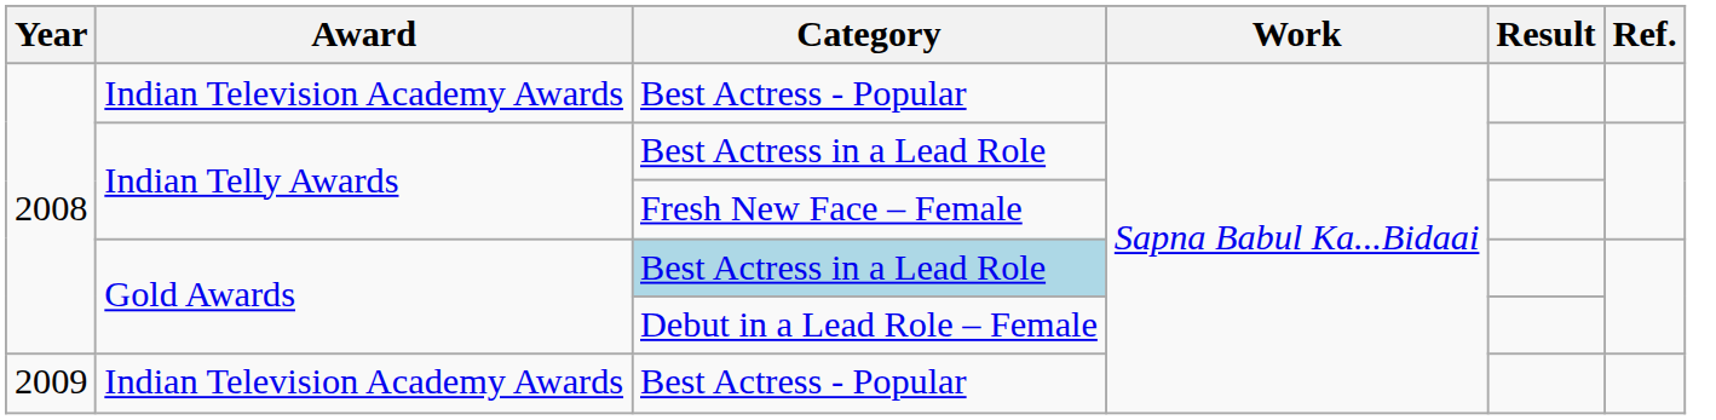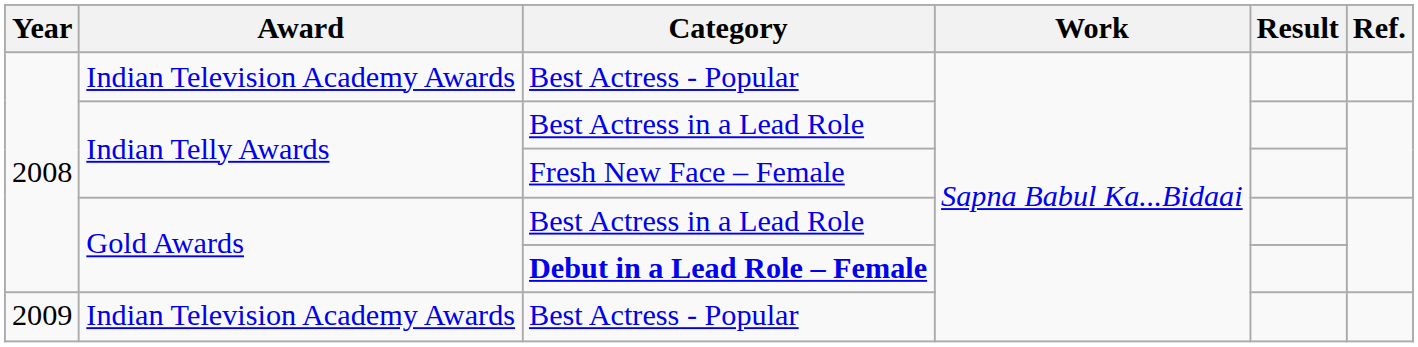 <table class="wikitable">
 <tr>
 <th>Year</th>
 <th>Award</th>
 <th>Category</th>
 <th>Work</th>
 <th>Result</th>
 <th>Ref.</th>
 </tr>
 <tr>
 <td rowspan="5">2008</td>
 <td><a href='#'>Indian Television Academy Awards</a></td>
 <td><a href='#'>Best Actress - Popular</a></td>
 <td rowspan="6"><em><a href='#'>Sapna Babul Ka...Bidaai</a></em></td>
 <td></td>
 <td></td>
 </tr>
 <tr>
 <td rowspan="2"><a href='#'>Indian Telly Awards</a></td>
 <td><a href='#'>Best Actress in a Lead Role</a></td>
 <td></td>
 <td rowspan="2"></td>
 </tr>
 <tr>
 <td><a href='#'>Fresh New Face – Female</a></td>
 <td></td>
 </tr>
 <tr>
 <td rowspan="2"><a href='#'>Gold Awards</a></td>
-<td style="background: lightblue;"><a href='#'>Best Actress in a Lead Role</a></td>
+<td><a href='#'>Best Actress in a Lead Role</a></td>
 <td></td>
 <td rowspan="2"></td>
 </tr>
 <tr>
-<td><a href='#'>Debut in a Lead Role – Female</a></td>
+<td><strong><a href='#'>Debut in a Lead Role – Female</a></strong></td>
 <td></td>
 </tr>
 <tr>
 <td>2009</td>
 <td><a href='#'>Indian Television Academy Awards</a></td>
 <td><a href='#'>Best Actress - Popular</a></td>
 <td></td>
 <td></td>
 </tr>
 </table>
